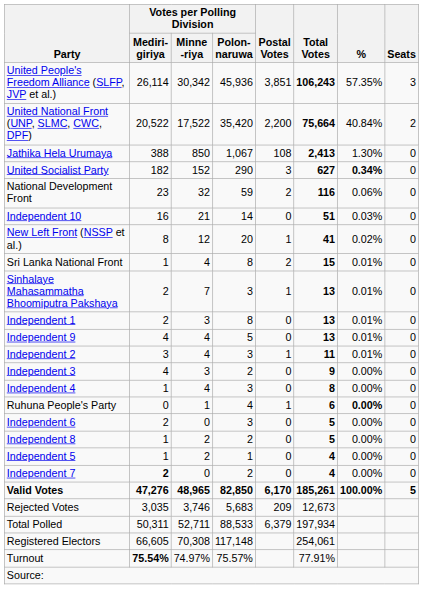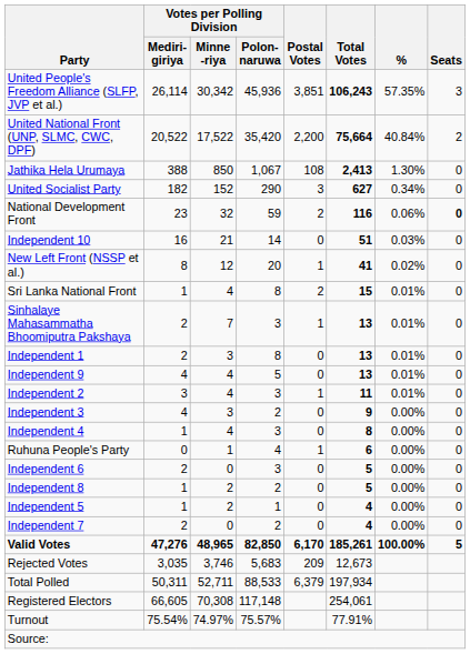 <table class="wikitable" border="1" style="text-align:right;">
 <tr>
 <th align=left valign=bottom rowspan=2 width="180">Party</th>
 <th colspan=3>Votes per Polling Division</th>
 <th align=center valign=bottom rowspan=2 width="50">Postal<br>Votes</th>
 <th align=center valign=bottom rowspan=2 width="50">Total Votes</th>
 <th align=center valign=bottom rowspan=2 width="50">%</th>
 <th align=center valign=bottom rowspan=2 width="40">Seats</th>
 </tr>
 <tr>
 <th align=center valign=bottom width="50">Mediri-<br>giriya</th>
 <th align=center valign=bottom width="50">Minne<br>-riya</th>
 <th align=center valign=bottom width="50">Polon-<br>naruwa</th>
 </tr>
 <tr>
 <td align=left><a href='#'>United People's Freedom Alliance</a> (<a href='#'>SLFP</a>, <a href='#'>JVP</a> et al.)</td>
 <td>26,114</td>
 <td>30,342</td>
 <td>45,936</td>
 <td>3,851</td>
 <td><strong>106,243</strong></td>
 <td>57.35%</td>
 <td>3</td>
 </tr>
 <tr>
 <td align=left><a href='#'>United National Front</a><br>(<a href='#'>UNP</a>, <a href='#'>SLMC</a>, <a href='#'>CWC</a>, <a href='#'>DPF</a>)</td>
 <td>20,522</td>
 <td>17,522</td>
 <td>35,420</td>
 <td>2,200</td>
 <td><strong>75,664</strong></td>
 <td>40.84%</td>
 <td>2</td>
 </tr>
 <tr>
 <td align=left><a href='#'>Jathika Hela Urumaya</a></td>
 <td>388</td>
 <td>850</td>
 <td>1,067</td>
 <td>108</td>
 <td><strong>2,413</strong></td>
 <td>1.30%</td>
 <td>0</td>
 </tr>
 <tr>
 <td align=left><a href='#'>United Socialist Party</a></td>
 <td>182</td>
 <td>152</td>
 <td>290</td>
 <td>3</td>
 <td><strong>627</strong></td>
-<td><strong>0.34%</strong></td>
+<td>0.34%</td>
 <td>0</td>
 </tr>
 <tr>
 <td align=left>National Development Front</td>
 <td>23</td>
 <td>32</td>
 <td>59</td>
 <td>2</td>
 <td><strong>116</strong></td>
 <td>0.06%</td>
-<td>0</td>
+<td><strong>0</strong></td>
 </tr>
 <tr>
 <td align=left><a href='#'>Independent 10</a></td>
 <td>16</td>
 <td>21</td>
 <td>14</td>
 <td>0</td>
 <td><strong>51</strong></td>
 <td>0.03%</td>
 <td>0</td>
 </tr>
 <tr>
 <td align=left><a href='#'>New Left Front</a> (<a href='#'>NSSP</a> et al.)</td>
 <td>8</td>
 <td>12</td>
 <td>20</td>
 <td>1</td>
 <td><strong>41</strong></td>
 <td>0.02%</td>
 <td>0</td>
 </tr>
 <tr>
 <td align=left>Sri Lanka National Front</td>
 <td>1</td>
 <td>4</td>
 <td>8</td>
 <td>2</td>
 <td><strong>15</strong></td>
 <td>0.01%</td>
 <td>0</td>
 </tr>
 <tr>
 <td align=left><a href='#'>Sinhalaye Mahasammatha Bhoomiputra Pakshaya</a></td>
 <td>2</td>
 <td>7</td>
 <td>3</td>
 <td>1</td>
 <td><strong>13</strong></td>
 <td>0.01%</td>
 <td>0</td>
 </tr>
 <tr>
 <td align=left><a href='#'>Independent 1</a></td>
 <td>2</td>
 <td>3</td>
 <td>8</td>
 <td>0</td>
 <td><strong>13</strong></td>
 <td>0.01%</td>
 <td>0</td>
 </tr>
 <tr>
 <td align=left><a href='#'>Independent 9</a></td>
 <td>4</td>
 <td>4</td>
 <td>5</td>
 <td>0</td>
 <td><strong>13</strong></td>
 <td>0.01%</td>
 <td>0</td>
 </tr>
 <tr>
 <td align=left><a href='#'>Independent 2</a></td>
 <td>3</td>
 <td>4</td>
 <td>3</td>
 <td>1</td>
 <td><strong>11</strong></td>
 <td>0.01%</td>
 <td>0</td>
 </tr>
 <tr>
 <td align=left><a href='#'>Independent 3</a></td>
 <td>4</td>
 <td>3</td>
 <td>2</td>
 <td>0</td>
 <td><strong>9</strong></td>
 <td>0.00%</td>
 <td>0</td>
 </tr>
 <tr>
 <td align=left><a href='#'>Independent 4</a></td>
 <td>1</td>
 <td>4</td>
 <td>3</td>
 <td>0</td>
 <td><strong>8</strong></td>
 <td>0.00%</td>
 <td>0</td>
 </tr>
 <tr>
 <td align=left>Ruhuna People's Party</td>
 <td>0</td>
 <td>1</td>
 <td>4</td>
 <td>1</td>
 <td><strong>6</strong></td>
-<td><strong>0.00%</strong></td>
+<td>0.00%</td>
 <td>0</td>
 </tr>
 <tr>
 <td align=left><a href='#'>Independent 6</a></td>
 <td>2</td>
 <td>0</td>
 <td>3</td>
 <td>0</td>
 <td><strong>5</strong></td>
 <td>0.00%</td>
 <td>0</td>
 </tr>
 <tr>
 <td align=left><a href='#'>Independent 8</a></td>
 <td>1</td>
 <td>2</td>
 <td>2</td>
 <td>0</td>
 <td><strong>5</strong></td>
 <td>0.00%</td>
 <td>0</td>
 </tr>
 <tr>
 <td align=left><a href='#'>Independent 5</a></td>
 <td>1</td>
 <td>2</td>
 <td>1</td>
 <td>0</td>
 <td><strong>4</strong></td>
 <td>0.00%</td>
 <td>0</td>
 </tr>
 <tr>
 <td align=left><a href='#'>Independent 7</a></td>
-<td><strong>2</strong></td>
+<td>2</td>
 <td>0</td>
 <td>2</td>
 <td>0</td>
 <td><strong>4</strong></td>
 <td>0.00%</td>
 <td>0</td>
 </tr>
 <tr>
 <td align=left><strong>Valid Votes</strong></td>
 <td><strong>47,276</strong></td>
 <td><strong>48,965</strong></td>
 <td><strong>82,850</strong></td>
 <td><strong>6,170</strong></td>
 <td><strong>185,261</strong></td>
 <td><strong>100.00%</strong></td>
 <td><strong>5</strong></td>
 </tr>
 <tr>
 <td align=left>Rejected Votes</td>
 <td>3,035</td>
 <td>3,746</td>
 <td>5,683</td>
 <td>209</td>
 <td>12,673</td>
 <td></td>
 <td></td>
 </tr>
 <tr>
 <td align=left>Total Polled</td>
 <td>50,311</td>
 <td>52,711</td>
 <td>88,533</td>
 <td>6,379</td>
 <td>197,934</td>
 <td></td>
 <td></td>
 </tr>
 <tr>
 <td align=left>Registered Electors</td>
 <td>66,605</td>
 <td>70,308</td>
 <td>117,148</td>
 <td></td>
 <td>254,061</td>
 <td></td>
 <td></td>
 </tr>
 <tr>
 <td align=left>Turnout</td>
-<td><strong>75.54%</strong></td>
+<td>75.54%</td>
 <td>74.97%</td>
 <td>75.57%</td>
 <td></td>
 <td>77.91%</td>
 <td></td>
 <td></td>
 </tr>
 <tr>
 <td align=left colspan=9>Source:</td>
 </tr>
 </table>
